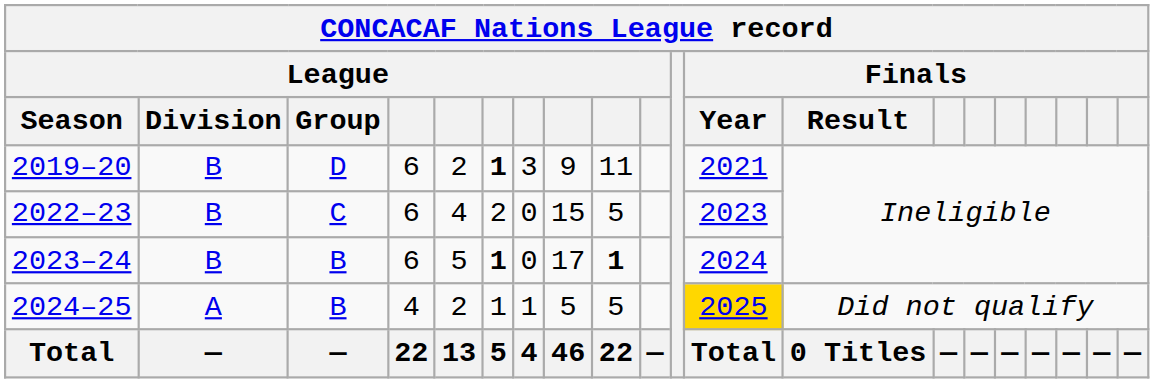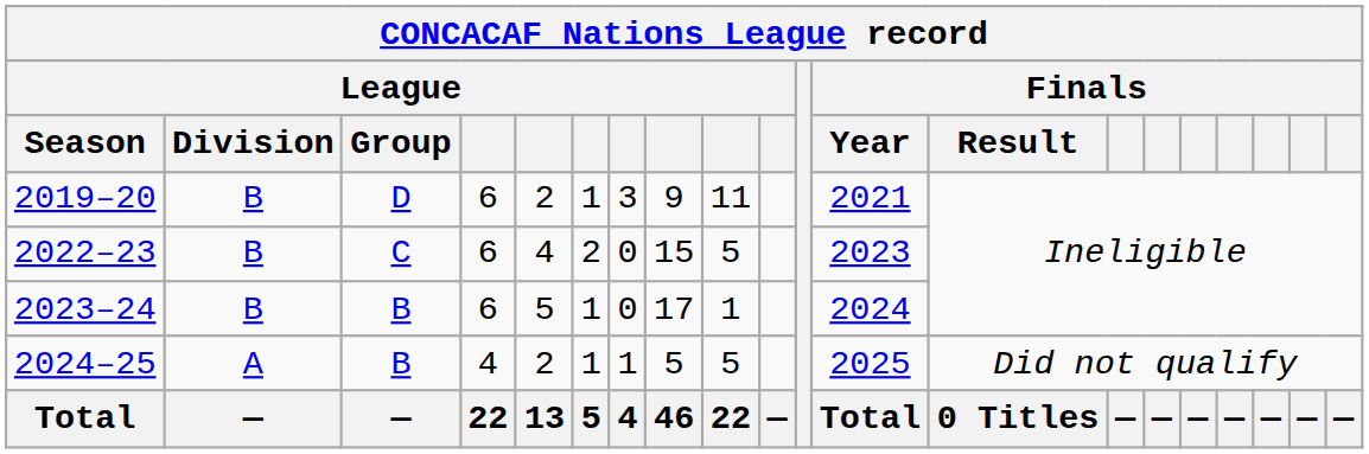 <table class="wikitable" style="text-align: center;">
 <tr>
 <th colspan=21><a href='#'>CONCACAF Nations League</a> record</th>
 </tr>
 <tr>
 <th colspan=10>League</th>
 <th rowspan=7></th>
 <th colspan=9>Finals</th>
 </tr>
 <tr>
 <th>Season</th>
 <th>Division</th>
 <th>Group</th>
 <th></th>
 <th></th>
 <th></th>
 <th></th>
 <th></th>
 <th></th>
 <th></th>
 <th>Year</th>
 <th>Result</th>
 <th></th>
 <th></th>
 <th></th>
 <th></th>
 <th></th>
 <th></th>
 <th></th>
 </tr>
 <tr>
 <td><a href='#'>2019–20</a></td>
 <td><a href='#'>B</a></td>
 <td><a href='#'>D</a></td>
 <td>6</td>
 <td>2</td>
-<td><strong>1</strong></td>
+<td>1</td>
 <td>3</td>
 <td>9</td>
 <td>11</td>
 <td></td>
 <td> <a href='#'>2021</a></td>
 <td colspan=8 rowspan=3><em>Ineligible</em></td>
 </tr>
 <tr>
 <td><a href='#'>2022–23</a></td>
 <td><a href='#'>B</a></td>
 <td><a href='#'>C</a></td>
 <td>6</td>
 <td>4</td>
 <td>2</td>
 <td>0</td>
 <td>15</td>
 <td>5</td>
 <td></td>
 <td> <a href='#'>2023</a></td>
 </tr>
 <tr>
 <td><a href='#'>2023–24</a></td>
 <td><a href='#'>B</a></td>
 <td><a href='#'>B</a></td>
 <td>6</td>
 <td>5</td>
-<td><strong>1</strong></td>
+<td>1</td>
 <td>0</td>
 <td>17</td>
-<td><strong>1</strong></td>
+<td>1</td>
 <td></td>
 <td> <a href='#'>2024</a></td>
 </tr>
 <tr>
 <td><a href='#'>2024–25</a></td>
 <td><a href='#'>A</a></td>
 <td><a href='#'>B</a></td>
 <td>4</td>
 <td>2</td>
 <td>1</td>
 <td>1</td>
 <td>5</td>
 <td>5</td>
 <td></td>
-<td style="background: gold;"> <a href='#'>2025</a></td>
+<td> <a href='#'>2025</a></td>
 <td colspan=8><em>Did not qualify</em></td>
 </tr>
 <tr>
 <th>Total</th>
 <th>—</th>
 <th>—</th>
 <th>22</th>
 <th>13</th>
 <th>5</th>
 <th>4</th>
 <th>46</th>
 <th>22</th>
 <th>—</th>
 <th>Total</th>
 <th>0 Titles</th>
 <th>—</th>
 <th>—</th>
 <th>—</th>
 <th>—</th>
 <th>—</th>
 <th>—</th>
 <th>—</th>
 </tr>
 </table>
